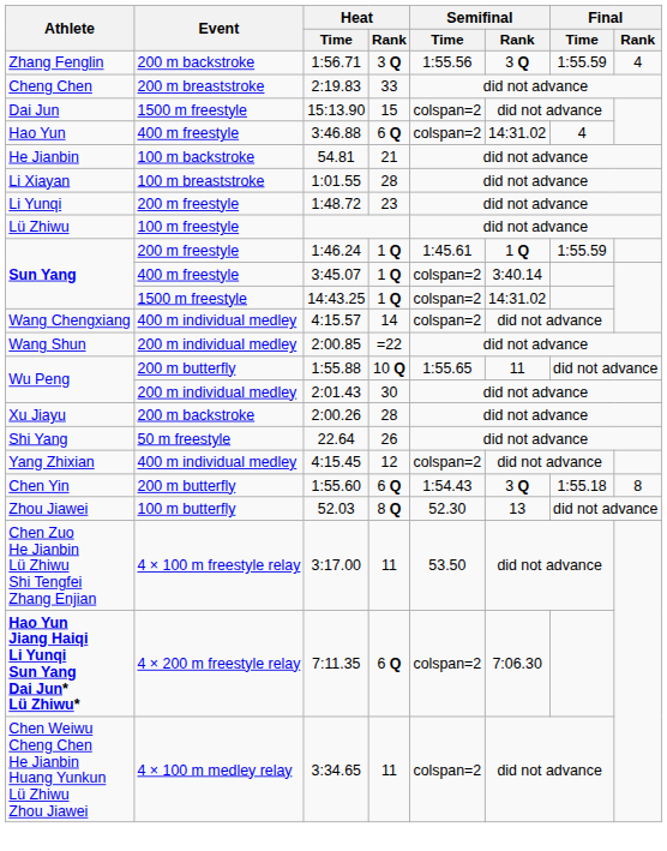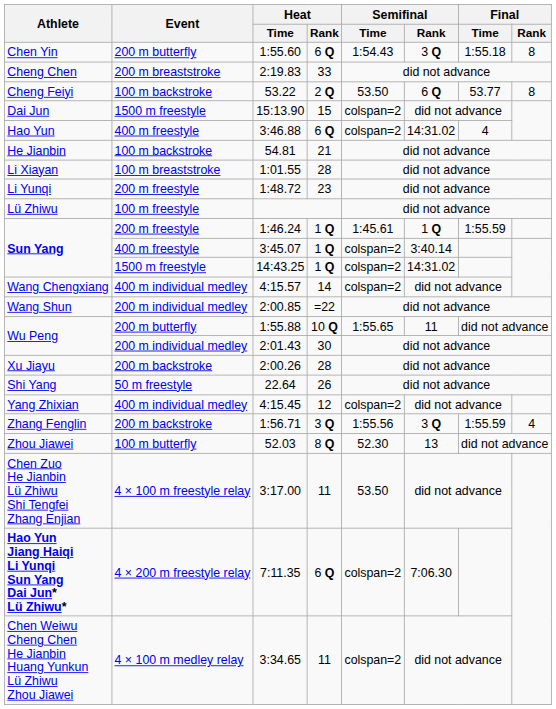 <table class=wikitable style="font-size:90%">
 <tr>
 <th rowspan="2">Athlete</th>
 <th rowspan="2">Event</th>
 <th colspan="2">Heat</th>
 <th colspan="2">Semifinal</th>
 <th colspan="2">Final</th>
 </tr>
 <tr style="font-size:95%">
 <th>Time</th>
 <th>Rank</th>
 <th>Time</th>
 <th>Rank</th>
 <th>Time</th>
 <th>Rank</th>
 </tr>
 <tr align=center>
-<td align=left><a href='#'>Zhang Fenglin</a></td>
-<td align=left><a href='#'>200 m backstroke</a></td>
-<td>1:56.71</td>
+<td align=left><a href='#'>Chen Yin</a></td>
+<td align=left><a href='#'>200 m butterfly</a></td>
+<td>1:55.60</td>
+<td>6 <strong>Q</strong></td>
+<td>1:54.43</td>
 <td>3 <strong>Q</strong></td>
-<td>1:55.56</td>
-<td>3 <strong>Q</strong></td>
-<td>1:55.59</td>
-<td>4</td>
+<td>1:55.18</td>
+<td>8</td>
 </tr>
 <tr align=center>
 <td align=left><a href='#'>Cheng Chen</a></td>
 <td align=left><a href='#'>200 m breaststroke</a></td>
 <td>2:19.83</td>
 <td>33</td>
 <td colspan=4>did not advance</td>
+</tr>
+<tr align=center>
+<td align=left><a href='#'>Cheng Feiyi</a></td>
+<td align=left><a href='#'>100 m backstroke</a></td>
+<td>53.22</td>
+<td>2 <strong>Q</strong></td>
+<td>53.50</td>
+<td>6 <strong>Q</strong></td>
+<td>53.77</td>
+<td>8</td>
 </tr>
 <tr align=center>
 <td align=left><a href='#'>Dai Jun</a></td>
 <td align=left><a href='#'>1500 m freestyle</a></td>
 <td>15:13.90</td>
 <td>15</td>
 <td>colspan=2 </td>
 <td colspan=2>did not advance</td>
 </tr>
 <tr align=center>
 <td align=left><a href='#'>Hao Yun</a></td>
 <td align=left><a href='#'>400 m freestyle</a></td>
 <td>3:46.88</td>
 <td>6 <strong>Q</strong></td>
 <td>colspan=2 </td>
 <td>14:31.02 </td>
 <td>4</td>
 </tr>
 <tr align=center>
 <td align=left><a href='#'>He Jianbin</a></td>
 <td align=left><a href='#'>100 m backstroke</a></td>
 <td>54.81</td>
 <td>21</td>
 <td colspan=4>did not advance</td>
 </tr>
 <tr align=center>
 <td align=left><a href='#'>Li Xiayan</a></td>
 <td align=left><a href='#'>100 m breaststroke</a></td>
 <td>1:01.55</td>
 <td>28</td>
 <td colspan=4>did not advance</td>
 </tr>
 <tr align=center>
 <td align=left><a href='#'>Li Yunqi</a></td>
 <td align=left><a href='#'>200 m freestyle</a></td>
 <td>1:48.72</td>
 <td>23</td>
 <td colspan=4>did not advance</td>
 </tr>
 <tr align=center>
 <td align=left><a href='#'>Lü Zhiwu</a></td>
 <td align=left><a href='#'>100 m freestyle</a></td>
 <td colspan=2></td>
 <td colspan=4>did not advance</td>
 </tr>
 <tr align=center>
 <td align=left rowspan=3><strong><a href='#'>Sun Yang</a></strong></td>
 <td align=left><a href='#'>200 m freestyle</a></td>
 <td>1:46.24</td>
 <td>1 <strong>Q</strong></td>
 <td>1:45.61</td>
 <td>1 <strong>Q</strong></td>
 <td>1:55.59</td>
 <td></td>
 </tr>
 <tr align=center>
 <td align=left><a href='#'>400 m freestyle</a></td>
 <td>3:45.07</td>
 <td>1 <strong>Q</strong></td>
 <td>colspan=2 </td>
 <td>3:40.14 </td>
 <td></td>
 </tr>
 <tr align=center>
 <td align=left><a href='#'>1500 m freestyle</a></td>
 <td>14:43.25</td>
 <td>1 <strong>Q</strong></td>
 <td>colspan=2 </td>
 <td>14:31.02 </td>
 <td></td>
 </tr>
 <tr align=center>
 <td align=left><a href='#'>Wang Chengxiang</a></td>
 <td align=left><a href='#'>400 m individual medley</a></td>
 <td>4:15.57</td>
 <td>14</td>
 <td>colspan=2 </td>
 <td colspan=2>did not advance</td>
 </tr>
 <tr align=center>
 <td align=left><a href='#'>Wang Shun</a></td>
 <td align=left><a href='#'>200 m individual medley</a></td>
 <td>2:00.85</td>
 <td>=22</td>
 <td colspan=4>did not advance</td>
 </tr>
 <tr align=center>
 <td align=left rowspan=2><a href='#'>Wu Peng</a></td>
 <td align=left><a href='#'>200 m butterfly</a></td>
 <td>1:55.88</td>
 <td>10 <strong>Q</strong></td>
 <td>1:55.65</td>
 <td>11</td>
 <td colspan=2>did not advance</td>
 </tr>
 <tr align=center>
 <td align=left><a href='#'>200 m individual medley</a></td>
 <td>2:01.43</td>
 <td>30</td>
 <td colspan=4>did not advance</td>
 </tr>
 <tr align=center>
 <td align=left><a href='#'>Xu Jiayu</a></td>
 <td align=left><a href='#'>200 m backstroke</a></td>
 <td>2:00.26</td>
 <td>28</td>
 <td colspan=4>did not advance</td>
 </tr>
 <tr align=center>
 <td align=left><a href='#'>Shi Yang</a></td>
 <td align=left><a href='#'>50 m freestyle</a></td>
 <td>22.64</td>
 <td>26</td>
 <td colspan=4>did not advance</td>
 </tr>
 <tr align=center>
 <td align=left><a href='#'>Yang Zhixian</a></td>
 <td align=left><a href='#'>400 m individual medley</a></td>
 <td>4:15.45</td>
 <td>12</td>
 <td>colspan=2 </td>
 <td colspan=2>did not advance</td>
 </tr>
 <tr align=center>
-<td align=left><a href='#'>Chen Yin</a></td>
-<td align=left><a href='#'>200 m butterfly</a></td>
-<td>1:55.60</td>
-<td>6 <strong>Q</strong></td>
-<td>1:54.43</td>
+<td align=left><a href='#'>Zhang Fenglin</a></td>
+<td align=left><a href='#'>200 m backstroke</a></td>
+<td>1:56.71</td>
 <td>3 <strong>Q</strong></td>
-<td>1:55.18</td>
-<td>8</td>
+<td>1:55.56</td>
+<td>3 <strong>Q</strong></td>
+<td>1:55.59</td>
+<td>4</td>
 </tr>
 <tr align=center>
 <td align=left><a href='#'>Zhou Jiawei</a></td>
 <td align=left><a href='#'>100 m butterfly</a></td>
 <td>52.03</td>
 <td>8 <strong>Q</strong></td>
 <td>52.30</td>
 <td>13</td>
 <td colspan=2>did not advance</td>
 </tr>
 <tr align=center>
 <td align=left><a href='#'>Chen Zuo</a><br><a href='#'>He Jianbin</a><br><a href='#'>Lü Zhiwu</a><br><a href='#'>Shi Tengfei</a><br><a href='#'>Zhang Enjian</a></td>
 <td align=left><a href='#'>4 × 100 m freestyle relay</a></td>
 <td>3:17.00</td>
 <td>11</td>
 <td>53.50</td>
 <td colspan=2>did not advance</td>
 </tr>
 <tr align=center>
 <td align=left><strong><a href='#'>Hao Yun</a><br><a href='#'>Jiang Haiqi</a><br><a href='#'>Li Yunqi</a><br><a href='#'>Sun Yang</a><br><a href='#'>Dai Jun</a>*<br><a href='#'>Lü Zhiwu</a>*</strong></td>
 <td align=left><a href='#'>4 × 200 m freestyle relay</a></td>
 <td>7:11.35</td>
 <td>6 <strong>Q</strong></td>
 <td>colspan=2 </td>
 <td>7:06.30</td>
 <td></td>
 </tr>
 <tr align=center>
 <td align=left><a href='#'>Chen Weiwu</a><br><a href='#'>Cheng Chen</a><br><a href='#'>He Jianbin</a><br><a href='#'>Huang Yunkun</a><br><a href='#'>Lü Zhiwu</a><br><a href='#'>Zhou Jiawei</a></td>
 <td align=left><a href='#'>4 × 100 m medley relay</a></td>
 <td>3:34.65</td>
 <td>11</td>
 <td>colspan=2 </td>
 <td colspan=2>did not advance</td>
 </tr>
 </table>
